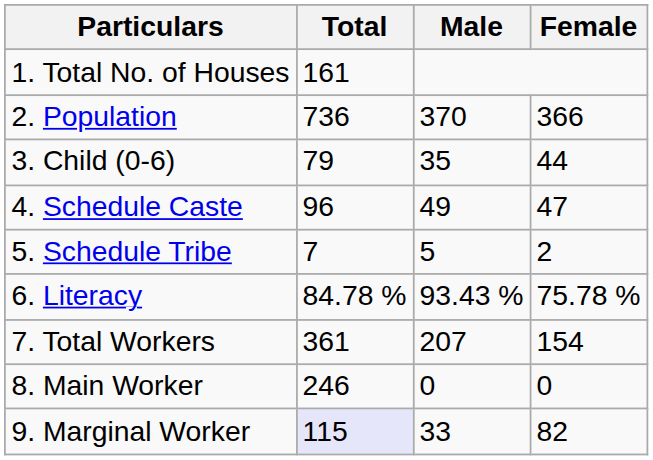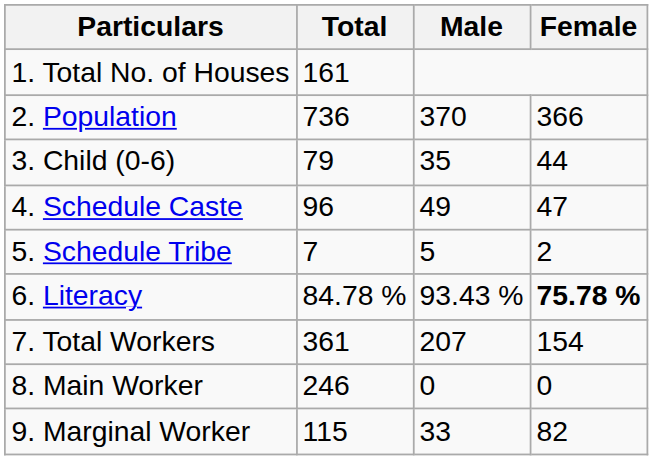 <table class="wikitable sortable">
 <tr>
 <th>Particulars</th>
 <th>Total</th>
 <th>Male</th>
 <th>Female</th>
 </tr>
 <tr>
 <td>1. Total No. of Houses</td>
 <td>161</td>
 </tr>
 <tr>
 <td>2. <a href='#'>Population</a></td>
 <td>736</td>
 <td>370</td>
 <td>366</td>
 </tr>
 <tr>
 <td>3. Child (0-6)</td>
 <td>79</td>
 <td>35</td>
 <td>44</td>
 </tr>
 <tr>
 <td>4. <a href='#'>Schedule Caste</a></td>
 <td>96</td>
 <td>49</td>
 <td>47</td>
 </tr>
 <tr>
 <td>5. <a href='#'>Schedule Tribe</a></td>
 <td>7</td>
 <td>5</td>
 <td>2</td>
 </tr>
 <tr>
 <td>6. <a href='#'>Literacy</a></td>
 <td>84.78 %</td>
 <td>93.43 %</td>
-<td>75.78 %</td>
+<td><strong>75.78 %</strong></td>
 </tr>
 <tr>
 <td>7. Total Workers</td>
 <td>361</td>
 <td>207</td>
 <td>154</td>
 </tr>
 <tr>
 <td>8. Main Worker</td>
 <td>246</td>
 <td>0</td>
 <td>0</td>
 </tr>
 <tr>
 <td>9. Marginal Worker</td>
-<td style="background: lavender;">115</td>
+<td>115</td>
 <td>33</td>
 <td>82</td>
 </tr>
 </table>
